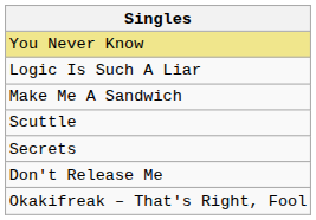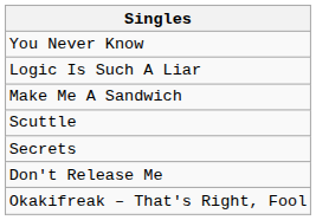 <table class="wikitable">
 <tr>
 <th>Singles</th>
 </tr>
 <tr>
-<td style="background: khaki;">You Never Know</td>
+<td>You Never Know</td>
 </tr>
 <tr>
 <td>Logic Is Such A Liar</td>
 </tr>
 <tr>
 <td>Make Me A Sandwich</td>
 </tr>
 <tr>
 <td>Scuttle</td>
 </tr>
 <tr>
 <td>Secrets</td>
 </tr>
 <tr>
 <td>Don't Release Me</td>
 </tr>
 <tr>
 <td>Okakifreak – That's Right, Fool</td>
 </tr>
 </table>
